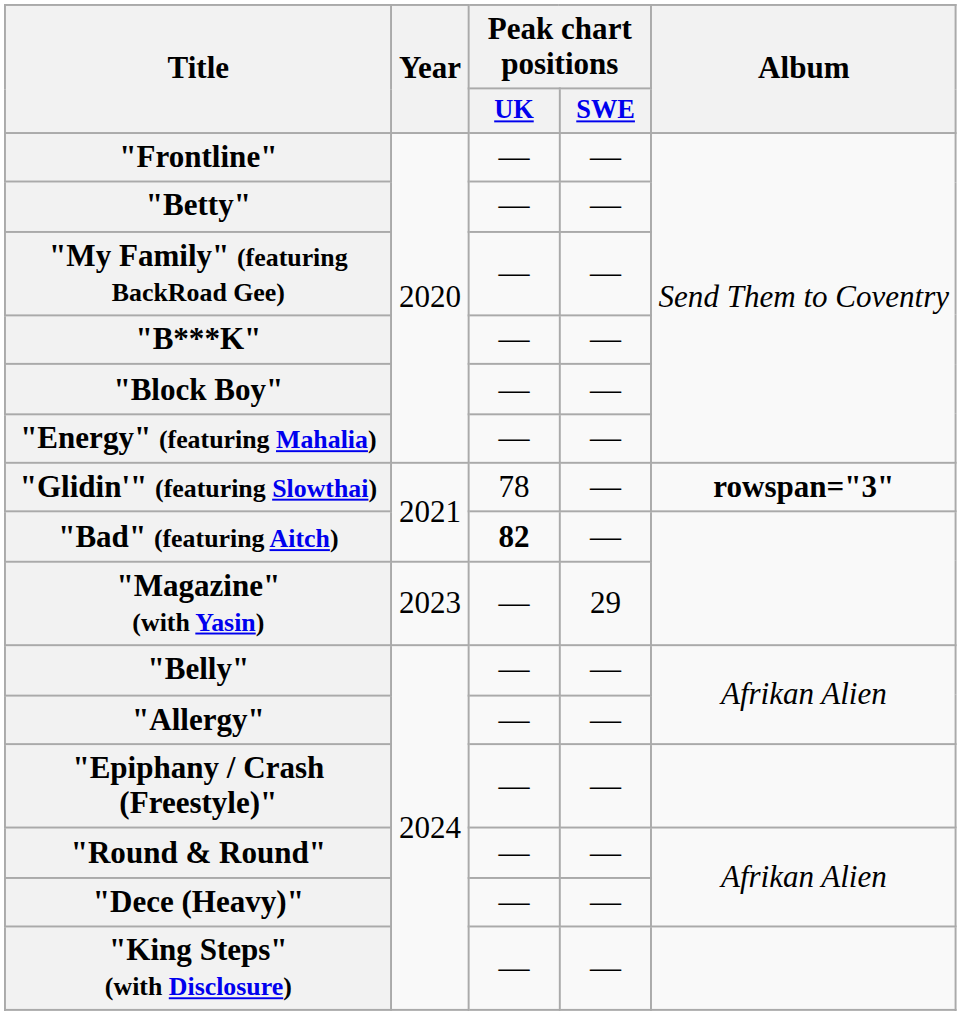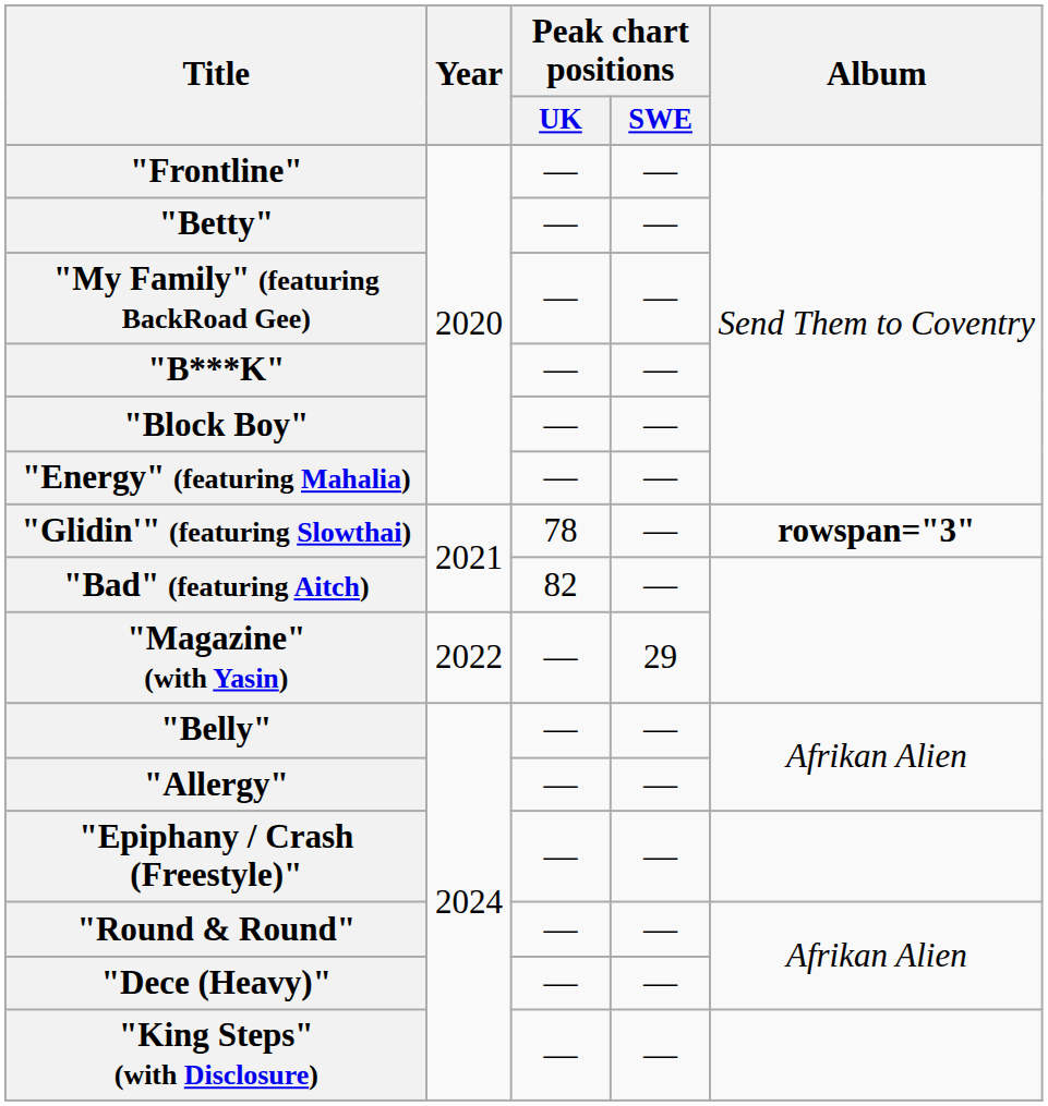 <table class="wikitable plainrowheaders" style="text-align:center;" border="1">
 <tr>
 <th scope="col" rowspan="2" style="width:12em;">Title</th>
 <th scope="col" rowspan="2" style="width:1em;">Year</th>
 <th scope="col" colspan="2">Peak chart positions</th>
 <th scope="col" rowspan="2">Album</th>
 </tr>
 <tr>
 <th scope="col" style="width:3em;font-size:85%;"><a href='#'>UK</a><br></th>
 <th scope="col" style="width:3em;font-size:85%;"><a href='#'>SWE</a><br></th>
 </tr>
 <tr>
 <th scope="row">"Frontline"</th>
 <td rowspan="6">2020</td>
 <td>—</td>
 <td>—</td>
 <td rowspan="6"><em>Send Them to Coventry</em></td>
 </tr>
 <tr>
 <th scope="row">"Betty"</th>
 <td>—</td>
 <td>—</td>
 </tr>
 <tr>
 <th scope="row">"My Family" <small>(featuring BackRoad Gee)</small></th>
 <td>—</td>
 <td>—</td>
 </tr>
 <tr>
 <th scope="row">"B***K"</th>
 <td>—</td>
 <td>—</td>
 </tr>
 <tr>
 <th scope="row">"Block Boy"</th>
 <td>—</td>
 <td>—</td>
 </tr>
 <tr>
 <th scope="row">"Energy" <small>(featuring <a href='#'>Mahalia</a>)</small></th>
 <td>—</td>
 <td>—</td>
 </tr>
 <tr>
 <th scope="row">"Glidin'" <small>(featuring <a href='#'>Slowthai</a>)</small></th>
 <td rowspan="2">2021</td>
 <td>78</td>
 <td>—</td>
 <td><strong>rowspan="3" </strong></td>
 </tr>
 <tr>
 <th scope="row">"Bad" <small>(featuring <a href='#'>Aitch</a>)</small></th>
-<td><strong>82</strong></td>
+<td>82</td>
 <td>—</td>
 </tr>
 <tr>
 <th scope="row">"Magazine"<br><small>(with <a href='#'>Yasin</a>)</small></th>
-<td>2023</td>
+<td>2022</td>
 <td>—</td>
 <td>29</td>
 </tr>
 <tr>
 <th scope="row">"Belly"</th>
 <td rowspan="6">2024</td>
 <td>—</td>
 <td>—</td>
 <td rowspan="2"><em>Afrikan Alien</em></td>
 </tr>
 <tr>
 <th scope="row">"Allergy"</th>
 <td>—</td>
 <td>—</td>
 </tr>
 <tr>
 <th scope="row">"Epiphany / Crash (Freestyle)"</th>
 <td>—</td>
 <td>—</td>
 <td></td>
 </tr>
 <tr>
 <th scope="row">"Round & Round"</th>
 <td>—</td>
 <td>—</td>
 <td rowspan="2"><em>Afrikan Alien</em></td>
 </tr>
 <tr>
 <th scope="row">"Dece (Heavy)"</th>
 <td>—</td>
 <td>—</td>
 </tr>
 <tr>
 <th scope="row">"King Steps"<br><small>(with <a href='#'>Disclosure</a>)</small></th>
 <td>—</td>
 <td>—</td>
 <td></td>
 </tr>
 </table>
